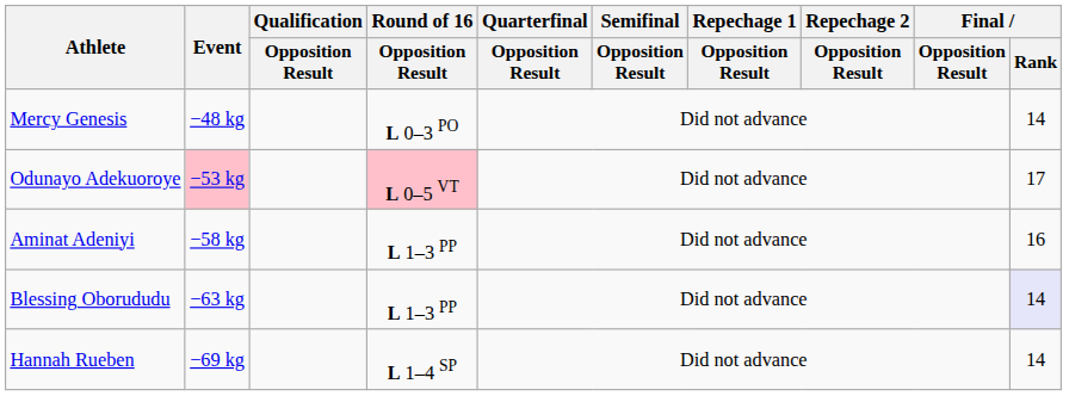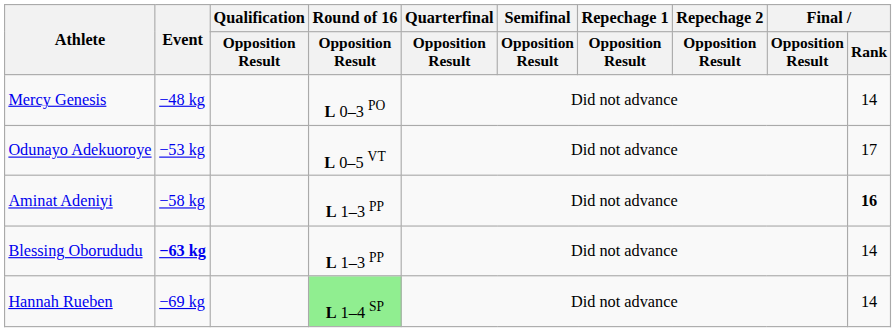 <table class="wikitable" style="font-size:90%">
 <tr>
 <th rowspan=2>Athlete</th>
 <th rowspan=2>Event</th>
 <th>Qualification</th>
 <th>Round of 16</th>
 <th>Quarterfinal</th>
 <th>Semifinal</th>
 <th>Repechage 1</th>
 <th>Repechage 2</th>
 <th colspan=2>Final / </th>
 </tr>
 <tr style="font-size: 95%">
 <th>Opposition<br>Result</th>
 <th>Opposition<br>Result</th>
 <th>Opposition<br>Result</th>
 <th>Opposition<br>Result</th>
 <th>Opposition<br>Result</th>
 <th>Opposition<br>Result</th>
 <th>Opposition<br>Result</th>
 <th>Rank</th>
 </tr>
 <tr align=center>
 <td align=left><a href='#'>Mercy Genesis</a></td>
 <td align=left><a href='#'>−48 kg</a></td>
 <td></td>
 <td><br><strong>L</strong> 0–3 <sup>PO</sup></td>
 <td colspan=5>Did not advance</td>
 <td>14</td>
 </tr>
 <tr align=center>
 <td align=left><a href='#'>Odunayo Adekuoroye</a></td>
-<td align=left style="background: pink;"><a href='#'>−53 kg</a></td>
+<td align=left><a href='#'>−53 kg</a></td>
 <td></td>
-<td style="background: pink;"><br><strong>L</strong> 0–5 <sup>VT</sup></td>
+<td><br><strong>L</strong> 0–5 <sup>VT</sup></td>
 <td colspan=5>Did not advance</td>
 <td>17</td>
 </tr>
 <tr align=center>
 <td align=left><a href='#'>Aminat Adeniyi</a></td>
 <td align=left><a href='#'>−58 kg</a></td>
 <td></td>
 <td><br><strong>L</strong> 1–3 <sup>PP</sup></td>
 <td colspan=5>Did not advance</td>
-<td>16</td>
+<td><strong>16</strong></td>
 </tr>
 <tr align=center>
 <td align=left><a href='#'>Blessing Oborududu</a></td>
-<td align=left><a href='#'>−63 kg</a></td>
+<td align=left><strong><a href='#'>−63 kg</a></strong></td>
 <td></td>
 <td><br><strong>L</strong> 1–3 <sup>PP</sup></td>
 <td colspan=5>Did not advance</td>
-<td style="background: lavender;">14</td>
+<td>14</td>
 </tr>
 <tr align=center>
 <td align=left><a href='#'>Hannah Rueben</a></td>
 <td align=left><a href='#'>−69 kg</a></td>
 <td></td>
-<td><br><strong>L</strong> 1–4 <sup>SP</sup></td>
+<td style="background: lightgreen;"><br><strong>L</strong> 1–4 <sup>SP</sup></td>
 <td colspan=5>Did not advance</td>
 <td>14</td>
 </tr>
 </table>
